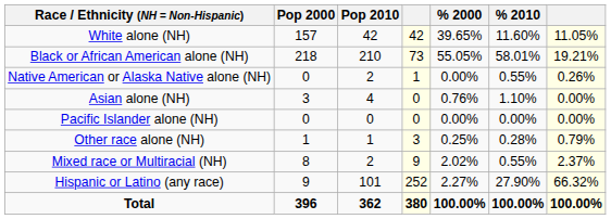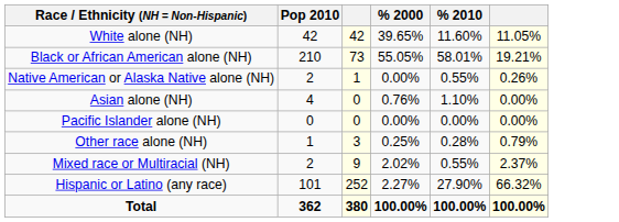 <table class="wikitable" style="text-align:center;">
 <tr>
 <th>Race / Ethnicity <small>(<em>NH = Non-Hispanic</em>)</small></th>
-<th>Pop 2000</th>
 <th>Pop 2010</th>
 <th></th>
 <th>% 2000</th>
 <th>% 2010</th>
 <th></th>
 </tr>
 <tr>
 <td><a href='#'>White</a> alone (NH)</td>
-<td>157</td>
 <td>42</td>
 <td style='background: #ffffe6;'>42</td>
 <td>39.65%</td>
 <td>11.60%</td>
 <td style='background: #ffffe6;'>11.05%</td>
 </tr>
 <tr>
 <td><a href='#'>Black or African American</a> alone (NH)</td>
-<td>218</td>
 <td>210</td>
 <td style='background: #ffffe6;'>73</td>
 <td>55.05%</td>
 <td>58.01%</td>
 <td style='background: #ffffe6;'>19.21%</td>
 </tr>
 <tr>
 <td><a href='#'>Native American</a> or <a href='#'>Alaska Native</a> alone (NH)</td>
-<td>0</td>
 <td>2</td>
 <td style='background: #ffffe6;'>1</td>
 <td>0.00%</td>
 <td>0.55%</td>
 <td style='background: #ffffe6;'>0.26%</td>
 </tr>
 <tr>
 <td><a href='#'>Asian</a> alone (NH)</td>
-<td>3</td>
 <td>4</td>
 <td style='background: #ffffe6;'>0</td>
 <td>0.76%</td>
 <td>1.10%</td>
 <td style='background: #ffffe6;'>0.00%</td>
 </tr>
 <tr>
 <td><a href='#'>Pacific Islander</a> alone (NH)</td>
 <td>0</td>
-<td>0</td>
 <td style='background: #ffffe6;'>0</td>
 <td>0.00%</td>
 <td>0.00%</td>
 <td style='background: #ffffe6;'>0.00%</td>
 </tr>
 <tr>
 <td><a href='#'>Other race</a> alone (NH)</td>
 <td>1</td>
-<td>1</td>
 <td style='background: #ffffe6;'>3</td>
 <td>0.25%</td>
 <td>0.28%</td>
 <td style='background: #ffffe6;'>0.79%</td>
 </tr>
 <tr>
 <td><a href='#'>Mixed race or Multiracial</a> (NH)</td>
-<td>8</td>
 <td>2</td>
 <td style='background: #ffffe6;'>9</td>
 <td>2.02%</td>
 <td>0.55%</td>
 <td style='background: #ffffe6;'>2.37%</td>
 </tr>
 <tr>
 <td><a href='#'>Hispanic or Latino</a> (any race)</td>
-<td>9</td>
 <td>101</td>
 <td style='background: #ffffe6;'>252</td>
 <td>2.27%</td>
 <td>27.90%</td>
 <td style='background: #ffffe6;'>66.32%</td>
 </tr>
 <tr>
 <td><strong>Total</strong></td>
-<td><strong>396</strong></td>
 <td><strong>362</strong></td>
 <td style='background: #ffffe6;'><strong>380</strong></td>
 <td><strong>100.00%</strong></td>
 <td><strong>100.00%</strong></td>
 <td style='background: #ffffe6;'><strong>100.00%</strong></td>
 </tr>
 </table>
